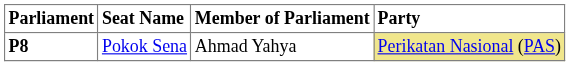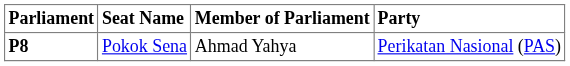 <table class="toccolours sortable" border="1" cellpadding="3" style="border-collapse:collapse; text-align: left;">
 <tr>
 <th align="center">Parliament</th>
 <th>Seat Name</th>
 <th>Member of Parliament</th>
 <th>Party</th>
 </tr>
 <tr>
 <th align="left">P8</th>
 <td><a href='#'>Pokok Sena</a></td>
 <td>Ahmad Yahya</td>
-<td style="background: khaki;"><a href='#'>Perikatan Nasional</a> (<a href='#'>PAS</a>)</td>
+<td><a href='#'>Perikatan Nasional</a> (<a href='#'>PAS</a>)</td>
 </tr>
 <tr>
 </tr>
 </table>
